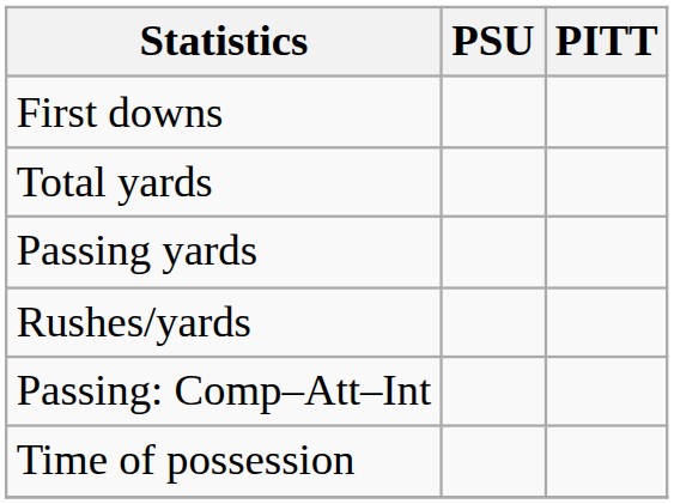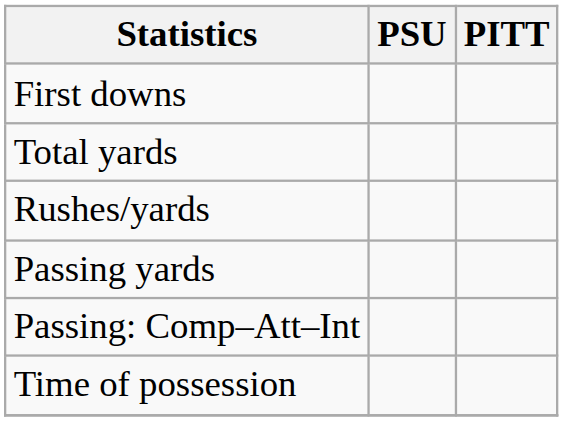 <table class="wikitable" style="float: left;">
 <tr>
 <th>Statistics</th>
 <th>PSU</th>
 <th>PITT</th>
 </tr>
 <tr>
 <td>First downs</td>
 <td></td>
 <td></td>
 </tr>
 <tr>
 <td>Total yards</td>
 <td></td>
 <td></td>
 </tr>
 <tr>
-<td>Passing yards</td>
+<td>Rushes/yards</td>
 <td></td>
 <td></td>
 </tr>
 <tr>
-<td>Rushes/yards</td>
+<td>Passing yards</td>
 <td></td>
 <td></td>
 </tr>
 <tr>
 <td>Passing: Comp–Att–Int</td>
 <td></td>
 <td></td>
 </tr>
 <tr>
 <td>Time of possession</td>
 <td></td>
 <td></td>
 </tr>
 <tr>
 </tr>
 </table>
